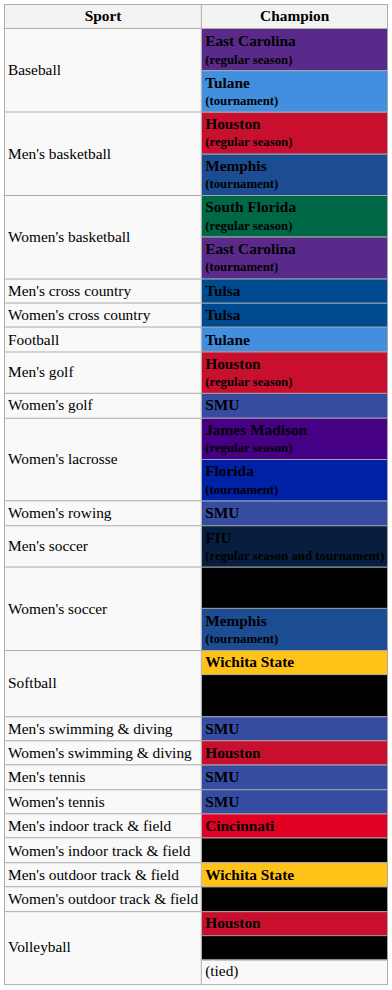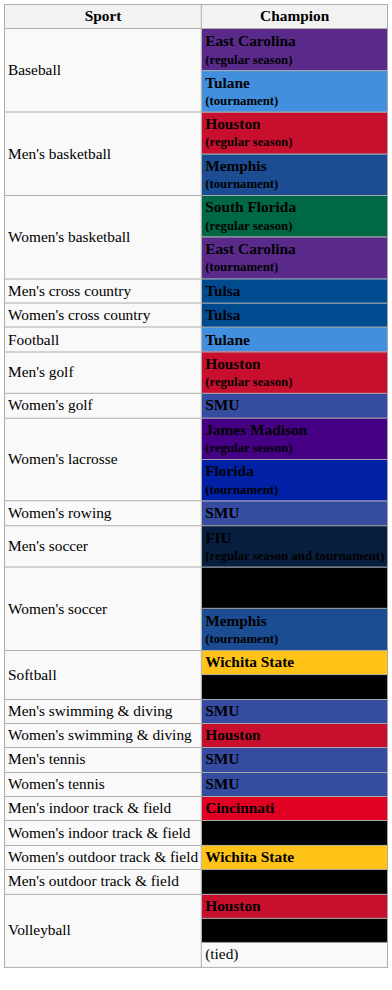 <table class="wikitable">
 <tr>
 <th>Sport</th>
 <th>Champion</th>
 </tr>
 <tr>
 <td rowspan="2">Baseball</td>
 <td style="background:#592A8A;"><span><strong>East Carolina<br><small>(regular season)</small></strong></span></td>
 </tr>
 <tr>
 <td style="background:#418fde;"><span><strong>Tulane<br><small>(tournament)</small></strong></span></td>
 </tr>
 <tr>
 <td rowspan="2">Men's basketball</td>
 <td style="background:#c8102e;"><span><strong>Houston<br><small>(regular season)</small></strong></span></td>
 </tr>
 <tr>
 <td style="background:#1c4c91;"><span><strong>Memphis<br><small>(tournament)</small></strong></span></td>
 </tr>
 <tr>
 <td rowspan="2">Women's basketball</td>
 <td style="background:#006747;"><span><strong>South Florida<br><small>(regular season)</small></strong></span></td>
 </tr>
 <tr>
 <td style="background:#592A8A;"><span><strong>East Carolina<br><small>(tournament)</small></strong></span></td>
 </tr>
 <tr>
 <td>Men's cross country</td>
 <td style="background:#004a8f;"><span><strong>Tulsa</strong></span></td>
 </tr>
 <tr>
 <td>Women's cross country</td>
 <td style="background:#004a8f;"><span><strong>Tulsa</strong></span></td>
 </tr>
 <tr>
 <td>Football</td>
 <td style="background:#418fde;"><span><strong>Tulane</strong></span></td>
 </tr>
 <tr>
 <td>Men's golf</td>
 <td style="background:#c8102e;"><span><strong>Houston<br><small>(regular season)</small></strong></span></td>
 </tr>
 <tr>
 <td>Women's golf</td>
 <td style="background:#354ca1;"><span><strong>SMU</strong></span></td>
 </tr>
 <tr>
 <td rowspan="2">Women's lacrosse</td>
 <td style="background:#450084;"><span><strong>James Madison<br><small>(regular season)</small></strong></span></td>
 </tr>
 <tr>
 <td style="background:#0021a5;"><span><strong>Florida<br><small>(tournament)</small></strong></span></td>
 </tr>
 <tr>
 <td>Women's rowing</td>
 <td style="background:#354ca1;"><span><strong>SMU</strong></span></td>
 </tr>
 <tr>
 <td>Men's soccer</td>
 <td style="background:#081E3F;"><span><strong>FIU<br><small>(regular season and tournament)</small></strong></span></td>
 </tr>
 <tr>
 <td rowspan="2">Women's soccer</td>
 <td style="background:#000000;"><span><strong>UCF<br><small>(regular season)</small></strong></span></td>
 </tr>
 <tr>
 <td style="background:#1c4c91;"><span><strong>Memphis<br><small>(tournament)</small></strong></span></td>
 </tr>
 <tr>
 <td rowspan="2">Softball</td>
 <td style="background:#ffc217;"><span><strong>Wichita State<br></strong></span></td>
 </tr>
 <tr>
-<td style="background:#000000;"><span><strong>UCF<br><small>(tournament)</small></strong></span></td>
+<td style="background:#000000;"><span><strong>UCF</strong></span></td>
 </tr>
 <tr>
 <td>Men's swimming & diving</td>
 <td style="background:#354ca1;"><span><strong>SMU</strong></span></td>
 </tr>
 <tr>
 <td>Women's swimming & diving</td>
 <td style="background:#c8102e;"><span><strong>Houston</strong></span></td>
 </tr>
 <tr>
 <td>Men's tennis</td>
 <td style="background:#354ca1;"><span><strong>SMU</strong></span></td>
 </tr>
 <tr>
 <td>Women's tennis</td>
 <td style="background:#354ca1;"><span><strong>SMU</strong></span></td>
 </tr>
 <tr>
 <td>Men's indoor track & field</td>
 <td style="background:#e00122;"><span><strong>Cincinnati</strong></span></td>
 </tr>
 <tr>
 <td>Women's indoor track & field</td>
 <td style="background:#000000;"><span><strong>UCF</strong></span></td>
 </tr>
 <tr>
-<td>Men's outdoor track & field</td>
+<td>Women's outdoor track & field</td>
 <td style="background:#ffc217;"><span><strong>Wichita State<br></strong></span></td>
 </tr>
 <tr>
-<td>Women's outdoor track & field</td>
+<td>Men's outdoor track & field</td>
 <td style="background:#000000;"><span><strong>UCF</strong></span></td>
 </tr>
 <tr>
 <td rowspan="3">Volleyball</td>
 <td style="background:#c8102e;"><span><strong>Houston</strong></span></td>
 </tr>
 <tr>
 <td style="background:#000000;"><span><strong>UCF</strong></span></td>
 </tr>
 <tr>
 <td>(tied)</td>
 </tr>
 </table>
